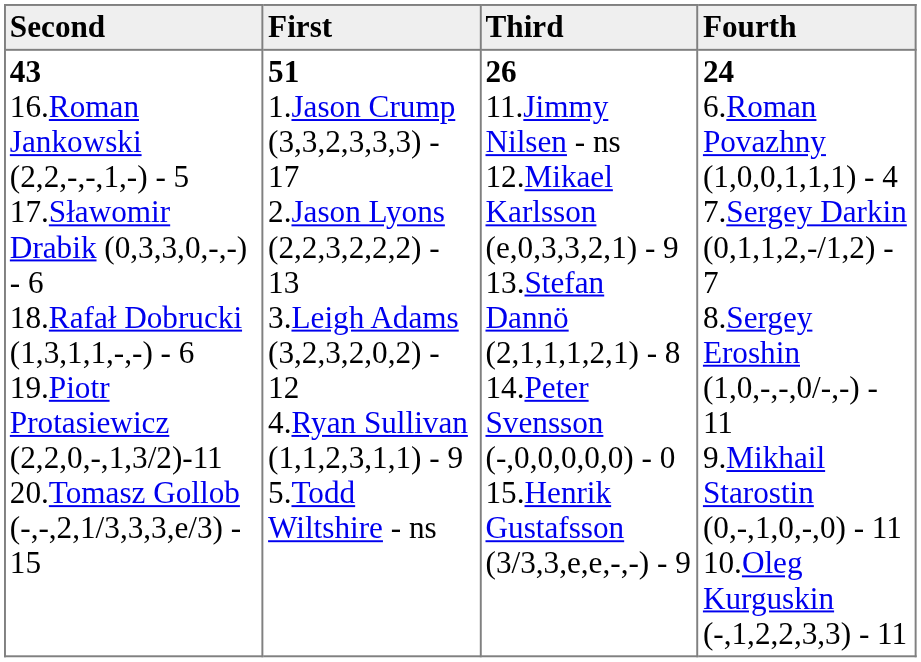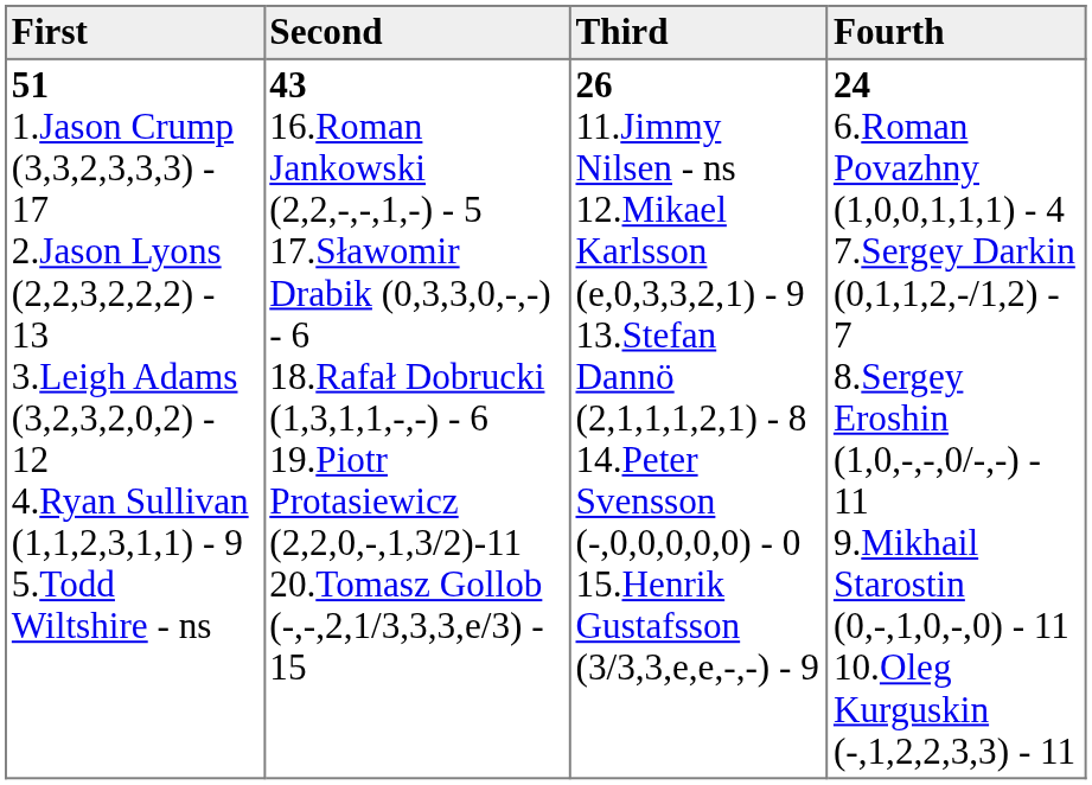 <table border=1 cellpadding=2 cellspacing=0 width=75% style="border-collapse:collapse">
 <tr align=left style="background:#efefef;">
+<th width=20%>First</th>
 <th width=20%>Second</th>
-<th width=20%>First</th>
 <th width=20%>Third</th>
 <th width=20%>Fourth</th>
 </tr>
 <tr align=left>
+<td valign=top><strong> 51</strong><br>1.<a href='#'>Jason Crump</a> (3,3,2,3,3,3) - 17<br>2.<a href='#'>Jason Lyons</a> (2,2,3,2,2,2) - 13<br>3.<a href='#'>Leigh Adams</a> (3,2,3,2,0,2) - 12<br>4.<a href='#'>Ryan Sullivan</a> (1,1,2,3,1,1) - 9<br>5.<a href='#'>Todd Wiltshire</a> - ns</td>
 <td valign=top><strong> 43</strong><br>16.<a href='#'>Roman Jankowski</a> (2,2,-,-,1,-) - 5<br>17.<a href='#'>Sławomir Drabik</a> (0,3,3,0,-,-) - 6<br>18.<a href='#'>Rafał Dobrucki</a> (1,3,1,1,-,-) - 6<br>19.<a href='#'>Piotr Protasiewicz</a> (2,2,0,-,1,3/2)-11<br>20.<a href='#'>Tomasz Gollob</a> (-,-,2,1/3,3,3,e/3) - 15</td>
-<td valign=top><strong> 51</strong><br>1.<a href='#'>Jason Crump</a> (3,3,2,3,3,3) - 17<br>2.<a href='#'>Jason Lyons</a> (2,2,3,2,2,2) - 13<br>3.<a href='#'>Leigh Adams</a> (3,2,3,2,0,2) - 12<br>4.<a href='#'>Ryan Sullivan</a> (1,1,2,3,1,1) - 9<br>5.<a href='#'>Todd Wiltshire</a> - ns</td>
 <td valign=top><strong> 26</strong><br>11.<a href='#'>Jimmy Nilsen</a> - ns<br>12.<a href='#'>Mikael Karlsson</a> (e,0,3,3,2,1) - 9<br>13.<a href='#'>Stefan Dannö</a> (2,1,1,1,2,1) - 8<br>14.<a href='#'>Peter Svensson</a> (-,0,0,0,0,0) - 0<br>15.<a href='#'>Henrik Gustafsson</a> (3/3,3,e,e,-,-) - 9</td>
 <td valign=top><strong> 24</strong><br>6.<a href='#'>Roman Povazhny</a> (1,0,0,1,1,1) - 4<br>7.<a href='#'>Sergey Darkin</a> (0,1,1,2,-/1,2) - 7<br>8.<a href='#'>Sergey Eroshin</a> (1,0,-,-,0/-,-) - 11<br>9.<a href='#'>Mikhail Starostin</a> (0,-,1,0,-,0) - 11<br>10.<a href='#'>Oleg Kurguskin</a> (-,1,2,2,3,3) - 11</td>
 </tr>
 </table>
